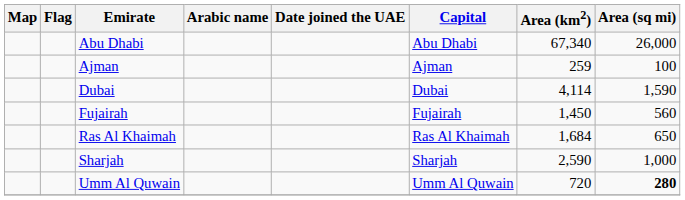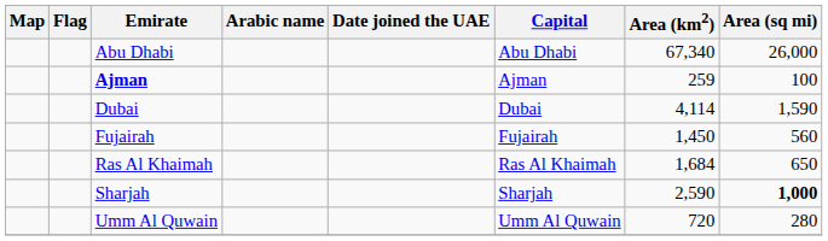 <table class="wikitable sortable">
 <tr>
 <th>Map</th>
 <th class="unsortable">Flag</th>
 <th>Emirate</th>
 <th class="unsortable">Arabic name</th>
 <th>Date joined the UAE</th>
 <th class="unsortable"><a href='#'>Capital</a></th>
 <th>Area (km<sup>2</sup>)</th>
 <th>Area (sq mi)</th>
 </tr>
 <tr>
 <td></td>
 <td></td>
 <td><a href='#'>Abu Dhabi</a></td>
 <td align="right"><br><em></em></td>
 <td></td>
 <td><a href='#'>Abu Dhabi</a></td>
 <td align="right">67,340</td>
 <td align="right">26,000</td>
 </tr>
 <tr>
 <td></td>
 <td></td>
-<td><a href='#'>Ajman</a></td>
+<td><strong><a href='#'>Ajman</a></strong></td>
 <td align="right"><br><em></em></td>
 <td></td>
 <td><a href='#'>Ajman</a></td>
 <td align="right">259</td>
 <td align="right">100</td>
 </tr>
 <tr>
 <td></td>
 <td></td>
 <td><a href='#'>Dubai</a></td>
 <td align="right"><br><em></em></td>
 <td></td>
 <td><a href='#'>Dubai</a></td>
 <td align="right">4,114</td>
 <td align="right">1,590</td>
 </tr>
 <tr>
 <td></td>
 <td></td>
 <td><a href='#'>Fujairah</a></td>
 <td align="right"><br><em></em></td>
 <td></td>
 <td><a href='#'>Fujairah</a></td>
 <td align="right">1,450</td>
 <td align="right">560</td>
 </tr>
 <tr>
 <td></td>
 <td></td>
 <td><a href='#'>Ras Al Khaimah</a></td>
 <td align="right"><br><em></em></td>
 <td></td>
 <td><a href='#'>Ras Al Khaimah</a></td>
 <td align="right">1,684</td>
 <td align="right">650</td>
 </tr>
 <tr>
 <td></td>
 <td></td>
 <td><a href='#'>Sharjah</a></td>
 <td align="right"><br><em></em></td>
 <td></td>
 <td><a href='#'>Sharjah</a></td>
 <td align="right">2,590</td>
-<td align="right">1,000</td>
+<td align="right"><strong>1,000</strong></td>
 </tr>
 <tr>
 <td></td>
 <td></td>
 <td><a href='#'>Umm Al Quwain</a></td>
 <td align="right"><br><em></em></td>
 <td></td>
 <td><a href='#'>Umm Al Quwain</a></td>
 <td align="right">720</td>
-<td align="right"><strong>280</strong></td>
+<td align="right">280</td>
 </tr>
 <tr style="background: #f2f2f2;">
 </tr>
 </table>
